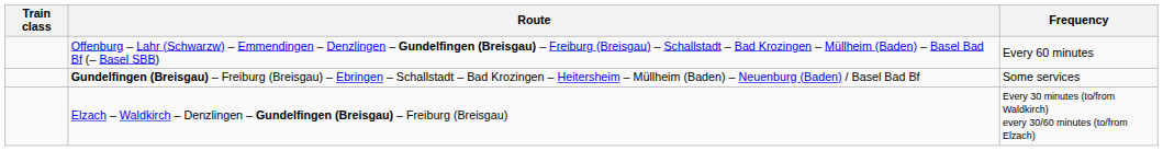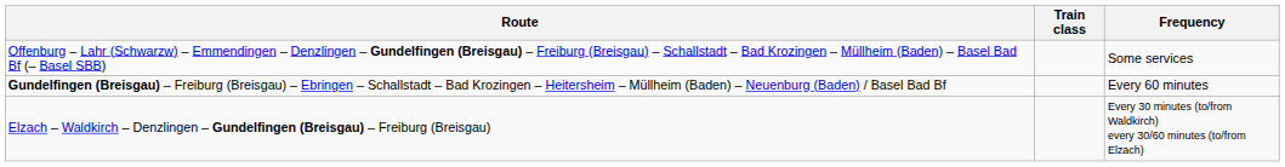 <table class="wikitable">
 <tr>
+<th>Route</th>
 <th>Train class</th>
-<th>Route</th>
 <th>Frequency</th>
 </tr>
 <tr>
+<td><a href='#'>Offenburg</a> – <a href='#'>Lahr (Schwarzw)</a> – <a href='#'>Emmendingen</a> – <a href='#'>Denzlingen</a> – <strong>Gundelfingen (Breisgau)</strong> – <a href='#'>Freiburg (Breisgau)</a> – <a href='#'>Schallstadt</a> – <a href='#'>Bad Krozingen</a> – <a href='#'>Müllheim (Baden)</a> – <a href='#'>Basel Bad Bf</a> (– <a href='#'>Basel SBB</a>)</td>
 <td align="center"></td>
-<td><a href='#'>Offenburg</a> – <a href='#'>Lahr (Schwarzw)</a> – <a href='#'>Emmendingen</a> – <a href='#'>Denzlingen</a> – <strong>Gundelfingen (Breisgau)</strong> – <a href='#'>Freiburg (Breisgau)</a> – <a href='#'>Schallstadt</a> – <a href='#'>Bad Krozingen</a> – <a href='#'>Müllheim (Baden)</a> – <a href='#'>Basel Bad Bf</a> (– <a href='#'>Basel SBB</a>)</td>
+<td>Some services</td>
+</tr>
+<tr>
+<td><strong>Gundelfingen (Breisgau)</strong> – Freiburg (Breisgau) – <a href='#'>Ebringen</a> – Schallstadt – Bad Krozingen – <a href='#'>Heitersheim</a> – Müllheim (Baden) – <a href='#'>Neuenburg (Baden)</a> / Basel Bad Bf</td>
+<td align="center"></td>
 <td>Every 60 minutes</td>
 </tr>
 <tr>
+<td><a href='#'>Elzach</a> – <a href='#'>Waldkirch</a> – Denzlingen – <strong>Gundelfingen (Breisgau)</strong> – Freiburg (Breisgau)</td>
 <td align="center"></td>
-<td><strong>Gundelfingen (Breisgau)</strong> – Freiburg (Breisgau) – <a href='#'>Ebringen</a> – Schallstadt – Bad Krozingen – <a href='#'>Heitersheim</a> – Müllheim (Baden) – <a href='#'>Neuenburg (Baden)</a> / Basel Bad Bf</td>
-<td>Some services</td>
-</tr>
-<tr>
-<td align="center"></td>
-<td><a href='#'>Elzach</a> – <a href='#'>Waldkirch</a> – Denzlingen – <strong>Gundelfingen (Breisgau)</strong> – Freiburg (Breisgau)</td>
 <td><small>Every 30 minutes (to/from Waldkirch)<br>every 30/60 minutes (to/from Elzach)</small></td>
 </tr>
 </table>
